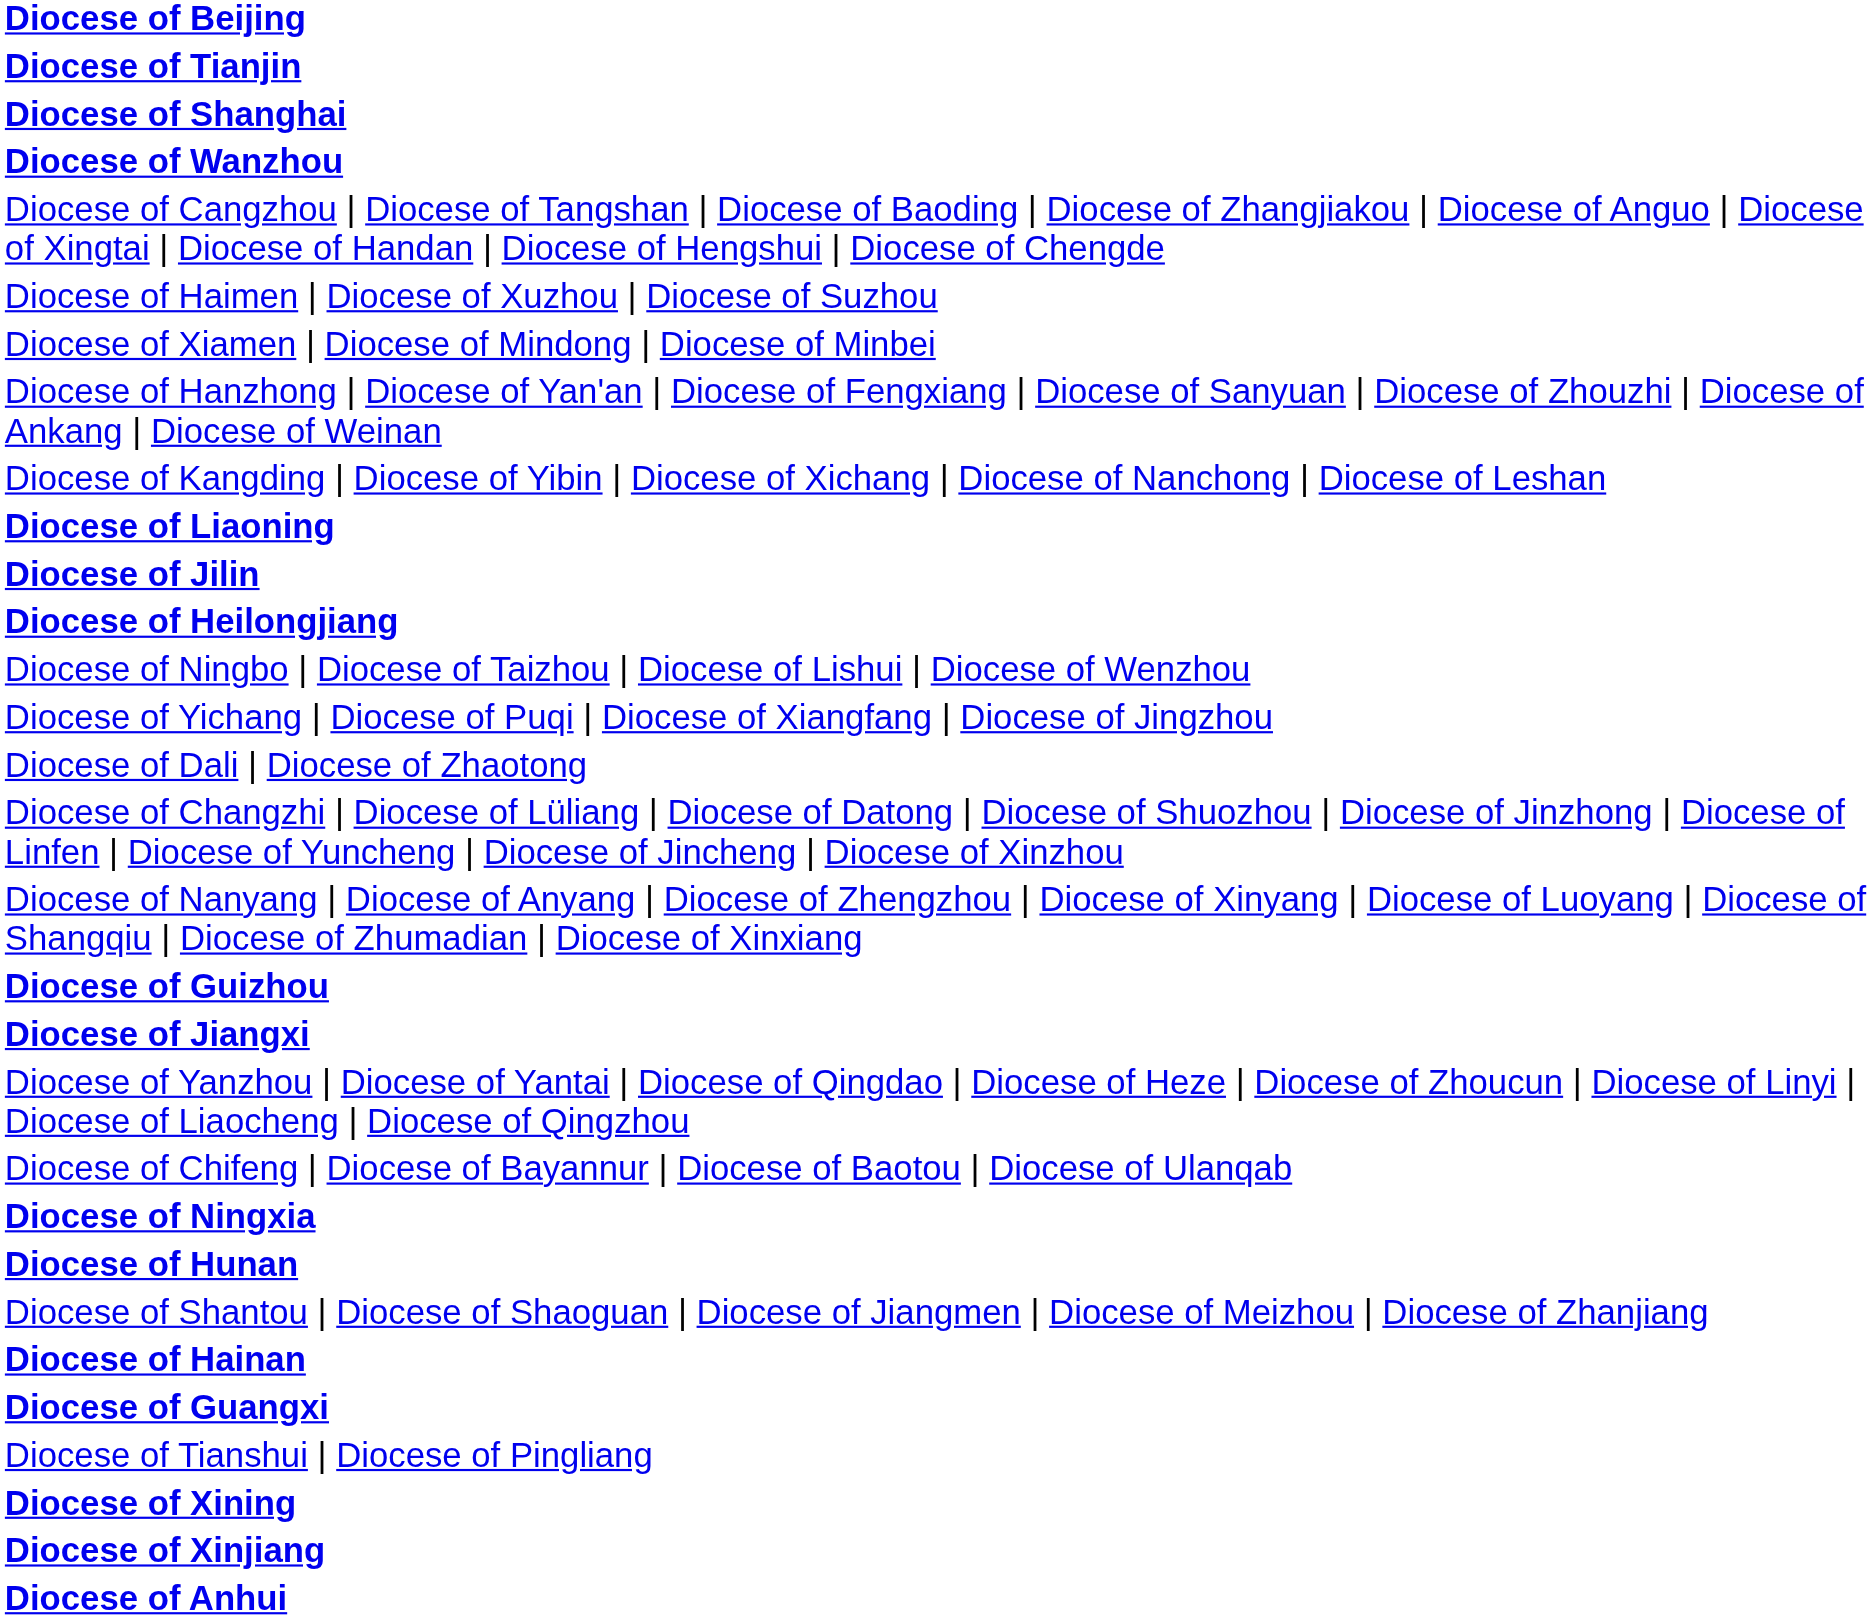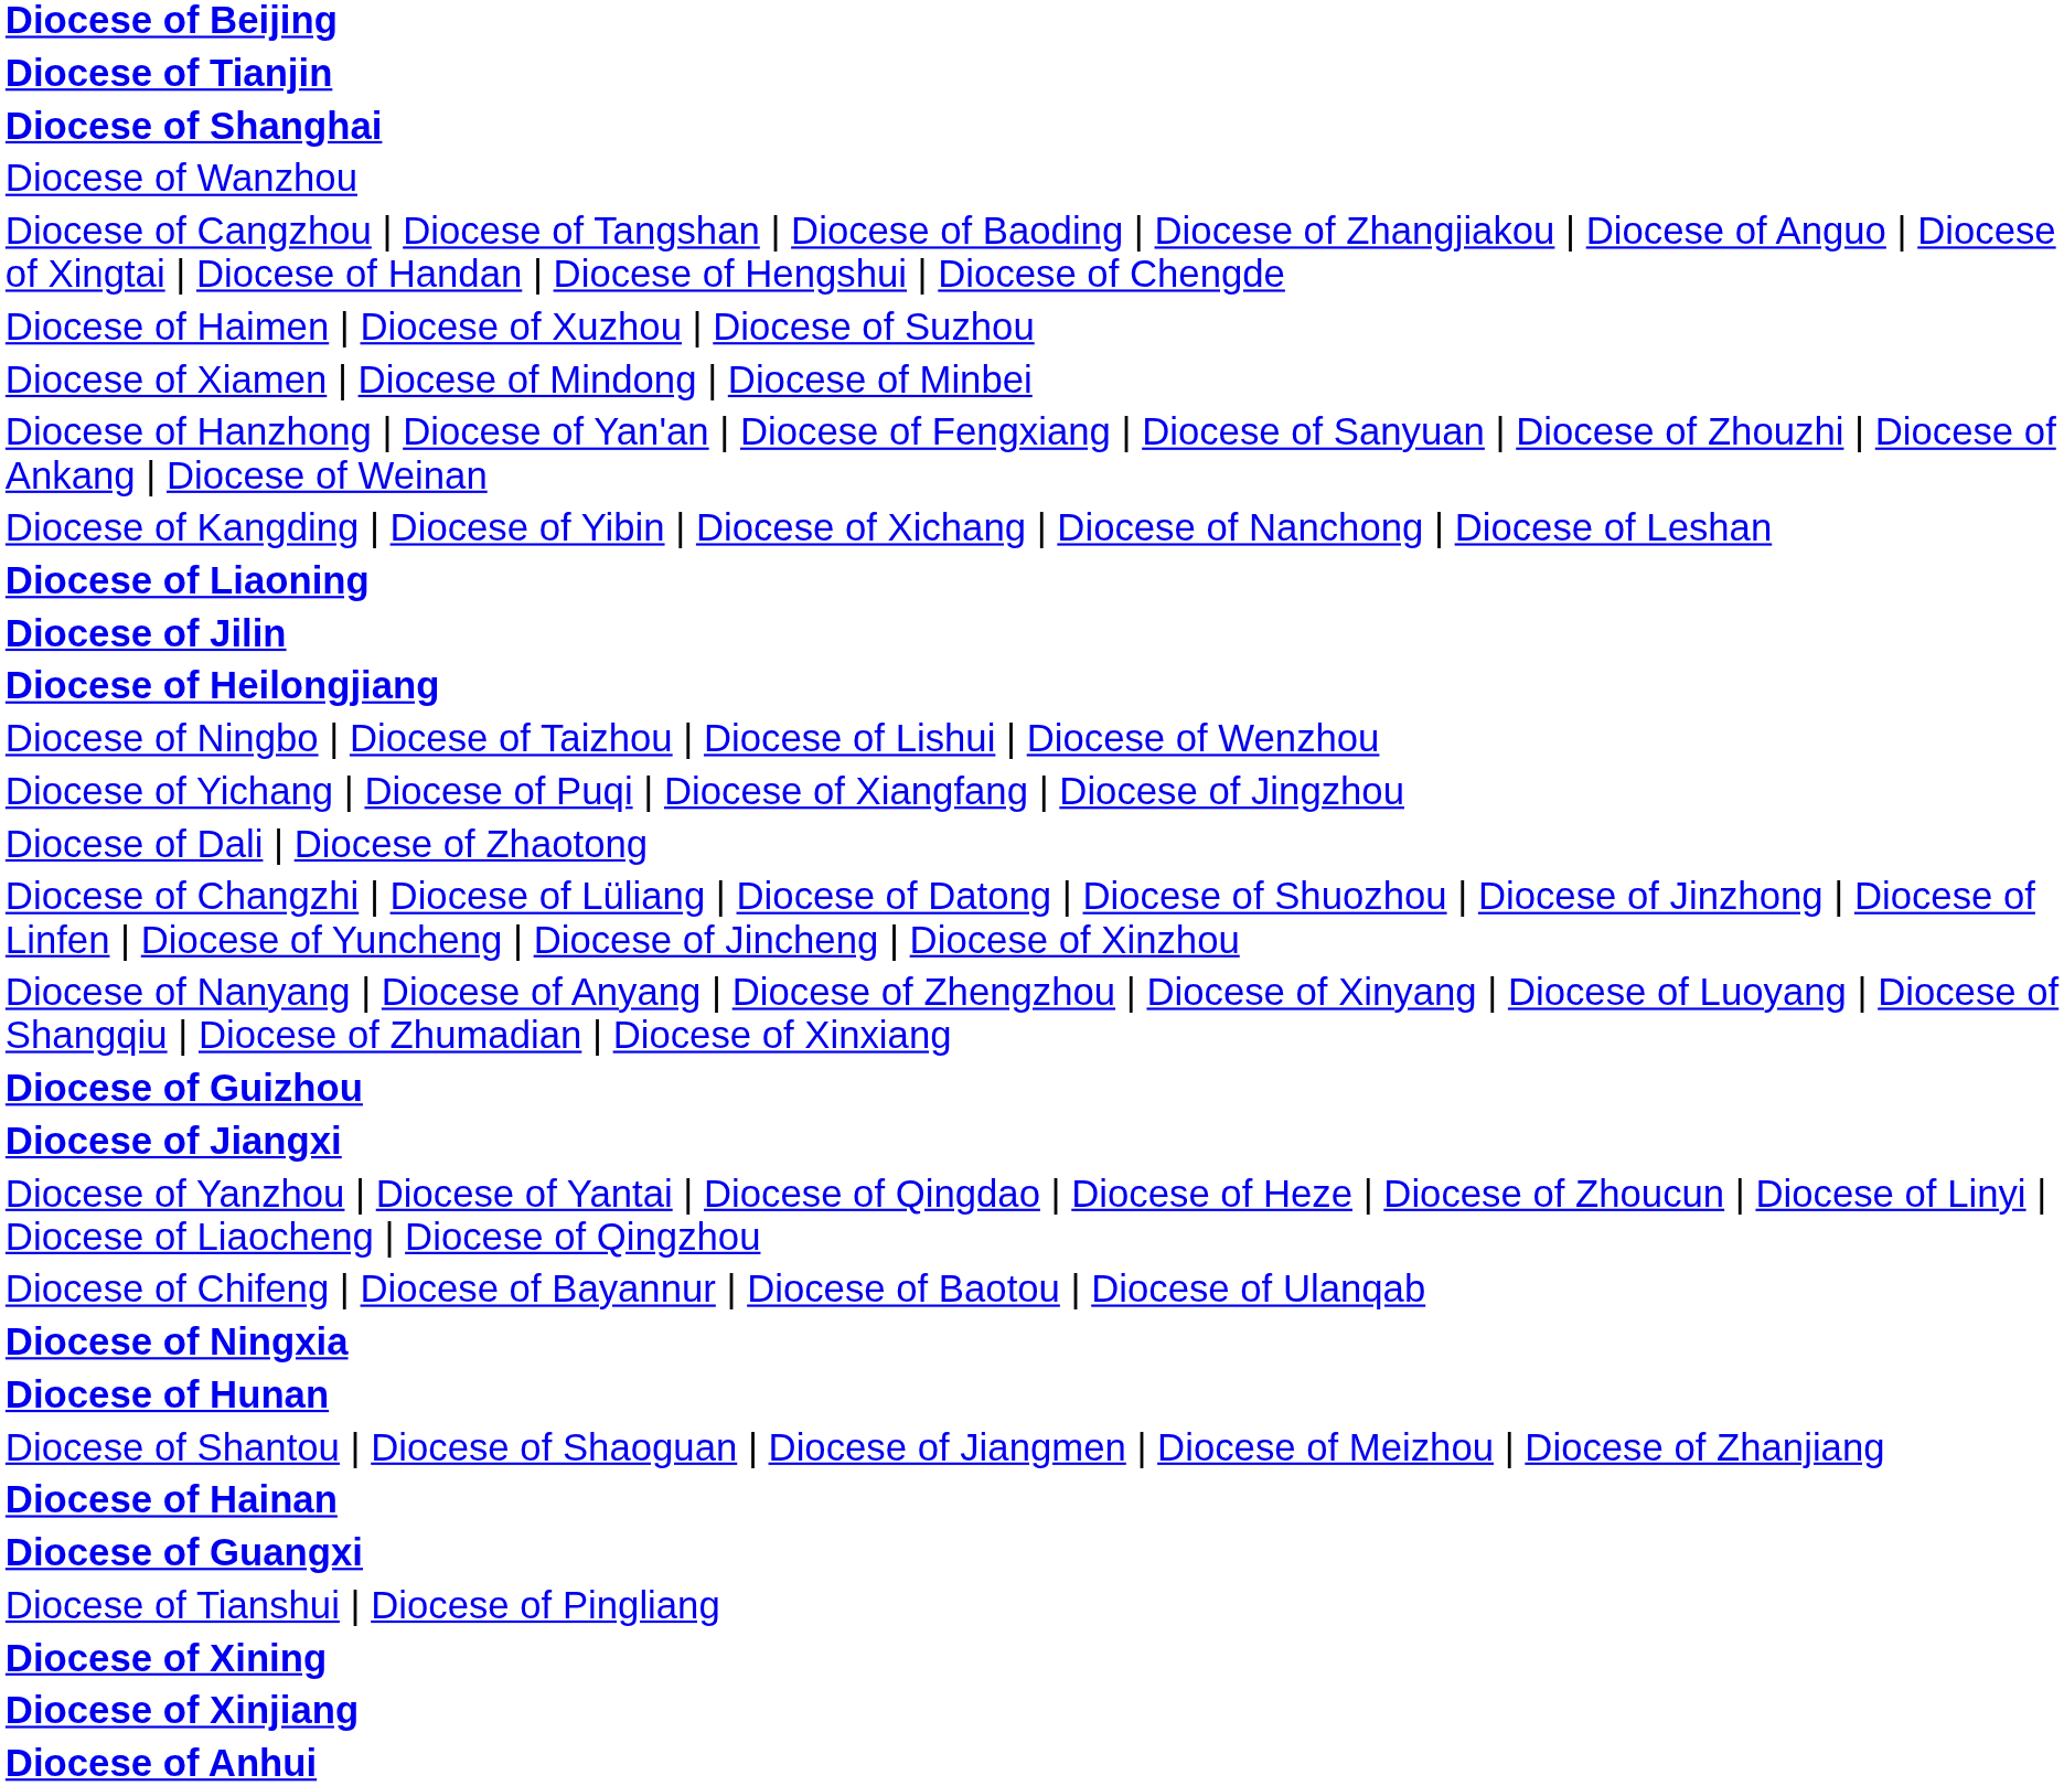 <table style="margin: 0 0.5em; background: transparent;">
 <tr style="background: #ececec; vertical-align: text-top;">
 </tr>
 <tr style="vertical-align: text-top;">
 <td><strong><a href='#'>Diocese of Beijing</a></strong></td>
 </tr>
 <tr style="vertical-align: text-top;">
 <td><strong><a href='#'>Diocese of Tianjin</a></strong></td>
 </tr>
 <tr style="vertical-align: text-top;">
 <td><strong><a href='#'>Diocese of Shanghai</a></strong></td>
 </tr>
 <tr style="vertical-align: text-top;">
-<td><strong><a href='#'>Diocese of Wanzhou</a></strong></td>
+<td><a href='#'>Diocese of Wanzhou</a></td>
 </tr>
 <tr style="vertical-align: text-top;">
 <td><a href='#'>Diocese of Cangzhou</a> | <a href='#'>Diocese of Tangshan</a> | <a href='#'>Diocese of Baoding</a> | <a href='#'>Diocese of Zhangjiakou</a> | <a href='#'>Diocese of Anguo</a> | <a href='#'>Diocese of Xingtai</a> | <a href='#'>Diocese of Handan</a> | <a href='#'>Diocese of Hengshui</a> | <a href='#'>Diocese of Chengde</a></td>
 </tr>
 <tr style="vertical-align: text-top;">
 <td><a href='#'>Diocese of Haimen</a> | <a href='#'>Diocese of Xuzhou</a> | <a href='#'>Diocese of Suzhou</a></td>
 </tr>
 <tr style="vertical-align: text-top;">
 <td><a href='#'>Diocese of Xiamen</a> | <a href='#'>Diocese of Mindong</a> | <a href='#'>Diocese of Minbei</a></td>
 </tr>
 <tr style="vertical-align: text-top;">
 <td><a href='#'>Diocese of Hanzhong</a> | <a href='#'>Diocese of Yan'an</a> | <a href='#'>Diocese of Fengxiang</a> | <a href='#'>Diocese of Sanyuan</a> | <a href='#'>Diocese of Zhouzhi</a> | <a href='#'>Diocese of Ankang</a> | <a href='#'>Diocese of Weinan</a></td>
 </tr>
 <tr style="vertical-align: text-top;">
 <td><a href='#'>Diocese of Kangding</a> | <a href='#'>Diocese of Yibin</a> | <a href='#'>Diocese of Xichang</a> | <a href='#'>Diocese of Nanchong</a> | <a href='#'>Diocese of Leshan</a></td>
 <td></td>
 </tr>
 <tr style="vertical-align: text-top;">
 <td><strong><a href='#'>Diocese of Liaoning</a></strong></td>
 </tr>
 <tr style="vertical-align: text-top;">
 <td><strong><a href='#'>Diocese of Jilin</a></strong></td>
 </tr>
 <tr style="vertical-align: text-top;">
 <td><strong><a href='#'>Diocese of Heilongjiang</a></strong></td>
 </tr>
 <tr style="vertical-align: text-top;">
 <td><a href='#'>Diocese of Ningbo</a> | <a href='#'>Diocese of Taizhou</a> | <a href='#'>Diocese of Lishui</a> | <a href='#'>Diocese of Wenzhou</a></td>
 <td></td>
 </tr>
 <tr style="vertical-align: text-top;">
 <td><a href='#'>Diocese of Yichang</a> | <a href='#'>Diocese of Puqi</a> | <a href='#'>Diocese of Xiangfang</a> | <a href='#'>Diocese of Jingzhou</a></td>
 </tr>
 <tr style="vertical-align: text-top;">
 <td><a href='#'>Diocese of Dali</a> | <a href='#'>Diocese of Zhaotong</a></td>
 </tr>
 <tr style="vertical-align: text-top;">
 <td><a href='#'>Diocese of Changzhi</a> | <a href='#'>Diocese of Lüliang</a> | <a href='#'>Diocese of Datong</a> | <a href='#'>Diocese of Shuozhou</a> | <a href='#'>Diocese of Jinzhong</a> | <a href='#'>Diocese of Linfen</a> | <a href='#'>Diocese of Yuncheng</a> | <a href='#'>Diocese of Jincheng</a> | <a href='#'>Diocese of Xinzhou</a></td>
 </tr>
 <tr style="vertical-align: text-top;">
 <td><a href='#'>Diocese of Nanyang</a> | <a href='#'>Diocese of Anyang</a> | <a href='#'>Diocese of Zhengzhou</a> | <a href='#'>Diocese of Xinyang</a> | <a href='#'>Diocese of Luoyang</a> | <a href='#'>Diocese of Shangqiu</a> | <a href='#'>Diocese of Zhumadian</a> | <a href='#'>Diocese of Xinxiang</a></td>
 </tr>
 <tr style="vertical-align: text-top;">
 <td><strong><a href='#'>Diocese of Guizhou</a></strong></td>
 </tr>
 <tr style="vertical-align: text-top;">
 <td><strong><a href='#'>Diocese of Jiangxi</a></strong></td>
 </tr>
 <tr style="vertical-align: text-top;">
 <td><a href='#'>Diocese of Yanzhou</a> | <a href='#'>Diocese of Yantai</a> | <a href='#'>Diocese of Qingdao</a> | <a href='#'>Diocese of Heze</a> | <a href='#'>Diocese of Zhoucun</a> | <a href='#'>Diocese of Linyi</a> | <a href='#'>Diocese of Liaocheng</a> | <a href='#'>Diocese of Qingzhou</a></td>
 </tr>
 <tr style="vertical-align: text-top;">
 <td><a href='#'>Diocese of Chifeng</a> | <a href='#'>Diocese of Bayannur</a> | <a href='#'>Diocese of Baotou</a> | <a href='#'>Diocese of Ulanqab</a></td>
 </tr>
 <tr style="vertical-align: text-top;">
 <td><strong><a href='#'>Diocese of Ningxia</a></strong></td>
 </tr>
 <tr style="vertical-align: text-top;">
 <td><strong><a href='#'>Diocese of Hunan</a></strong></td>
 </tr>
 <tr style="vertical-align: text-top;">
 <td><a href='#'>Diocese of Shantou</a> | <a href='#'>Diocese of Shaoguan</a> | <a href='#'>Diocese of Jiangmen</a> | <a href='#'>Diocese of Meizhou</a> | <a href='#'>Diocese of Zhanjiang</a></td>
 </tr>
 <tr style="vertical-align: text-top;">
 <td><strong><a href='#'>Diocese of Hainan</a></strong></td>
 </tr>
 <tr style="vertical-align: text-top;">
 <td><strong><a href='#'>Diocese of Guangxi</a></strong></td>
 </tr>
 <tr style="vertical-align: text-top;">
 <td><a href='#'>Diocese of Tianshui</a> | <a href='#'>Diocese of Pingliang</a></td>
 </tr>
 <tr style="vertical-align: text-top;">
 <td><strong><a href='#'>Diocese of Xining</a></strong></td>
 </tr>
 <tr style="vertical-align: text-top;">
 <td><strong><a href='#'>Diocese of Xinjiang</a></strong></td>
 </tr>
 <tr style="vertical-align: text-top;">
 <td><strong><a href='#'>Diocese of Anhui</a></strong></td>
 </tr>
 </table>
